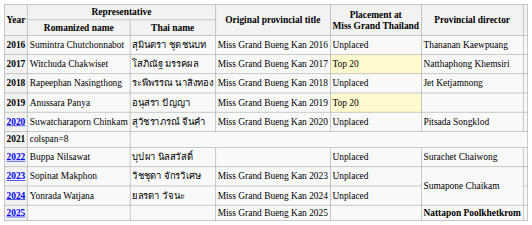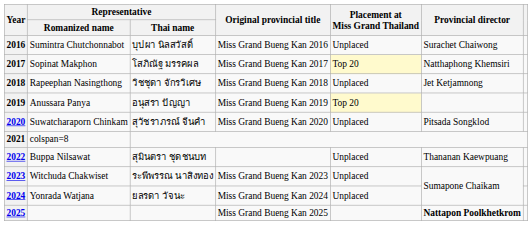 <table class="wikitable defaultcenter col2left col3left col6left" style="font-size:95%;">
 <tr>
 <th rowspan=2>Year</th>
 <th colspan=2>Representative</th>
 <th rowspan=2>Original provincial title</th>
 <th rowspan=2>Placement at<br>Miss Grand Thailand</th>
 <th rowspan=2>Provincial director</th>
 <th rowspan=2></th>
 </tr>
 <tr>
 <th>Romanized name</th>
 <th>Thai name</th>
 </tr>
 <tr>
 <th>2016</th>
 <td>Sumintra Chutchonnabot</td>
-<td>สุมินตรา ชุดชนบท</td>
+<td>บุปผา นิลสวัสดิ์</td>
 <td>Miss Grand Bueng Kan 2016</td>
 <td>Unplaced</td>
-<td>Thananan Kaewpuang</td>
+<td>Surachet Chaiwong</td>
 <td></td>
 </tr>
 <tr>
 <th>2017</th>
-<td>Witchuda Chakwiset</td>
+<td>Sopinat Makphon</td>
 <td>โสภิณัฐ มรรคผล</td>
 <td>Miss Grand Bueng Kan 2017</td>
 <td bgcolor=#FFFACD>Top 20</td>
 <td>Natthaphong Khemsiri</td>
 <td></td>
 </tr>
 <tr>
 <th>2018</th>
 <td>Rapeephan Nasingthong</td>
-<td>ระพีพรรณ นาสิงทอง</td>
+<td>วิชชุดา จักรวิเศษ</td>
 <td>Miss Grand Bueng Kan 2018</td>
 <td>Unplaced</td>
 <td>Jet Ketjamnong</td>
 <td></td>
 </tr>
 <tr>
 <th>2019</th>
 <td>Anussara Panya</td>
 <td>อนุสรา ปัญญา</td>
 <td>Miss Grand Bueng Kan 2019</td>
 <td bgcolor=#FFFACD>Top 20</td>
 <td></td>
 <td></td>
 </tr>
 <tr>
 <th><a href='#'>2020</a></th>
 <td>Suwatcharaporn Chinkam</td>
 <td>สุวัชราภรณ์ จีนคำ</td>
 <td>Miss Grand Bueng Kan 2020</td>
 <td>Unplaced</td>
 <td>Pitsada Songklod</td>
 <td></td>
 </tr>
 <tr>
 <th>2021</th>
 <td>colspan=8 </td>
 </tr>
 <tr>
 <th><a href='#'>2022</a></th>
 <td>Buppa Nilsawat</td>
-<td>บุปผา นิลสวัสดิ์</td>
+<td>สุมินตรา ชุดชนบท</td>
 <td></td>
 <td>Unplaced</td>
-<td>Surachet Chaiwong</td>
+<td>Thananan Kaewpuang</td>
 <td></td>
 </tr>
 <tr>
 <th><a href='#'>2023</a></th>
-<td>Sopinat Makphon</td>
-<td>วิชชุดา จักรวิเศษ</td>
+<td>Witchuda Chakwiset</td>
+<td>ระพีพรรณ นาสิงทอง</td>
 <td>Miss Grand Bueng Kan 2023</td>
 <td>Unplaced</td>
 <td rowspan=2>Sumapone Chaikam</td>
 <td></td>
 </tr>
 <tr>
 <th><a href='#'>2024</a></th>
 <td>Yonrada Watjana</td>
 <td>ยลรดา วัจนะ</td>
 <td>Miss Grand Bueng Kan 2024</td>
 <td>Unplaced</td>
 <td></td>
 </tr>
 <tr>
 <th><a href='#'>2025</a></th>
 <td></td>
 <td></td>
 <td>Miss Grand Bueng Kan 2025</td>
 <td></td>
 <td><strong>Nattapon Poolkhetkrom</strong></td>
 </tr>
 </table>
